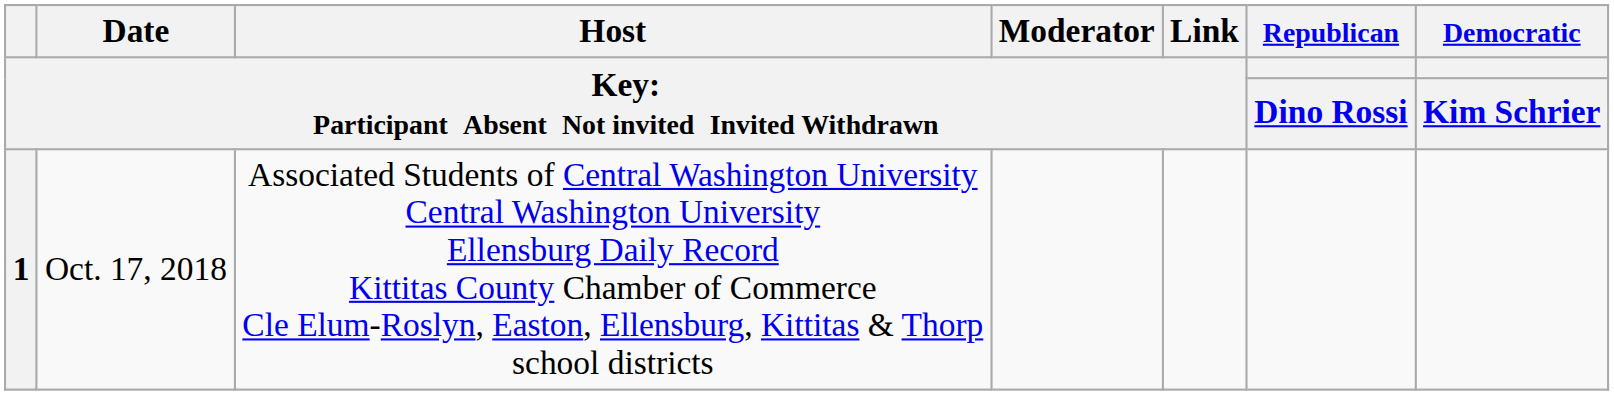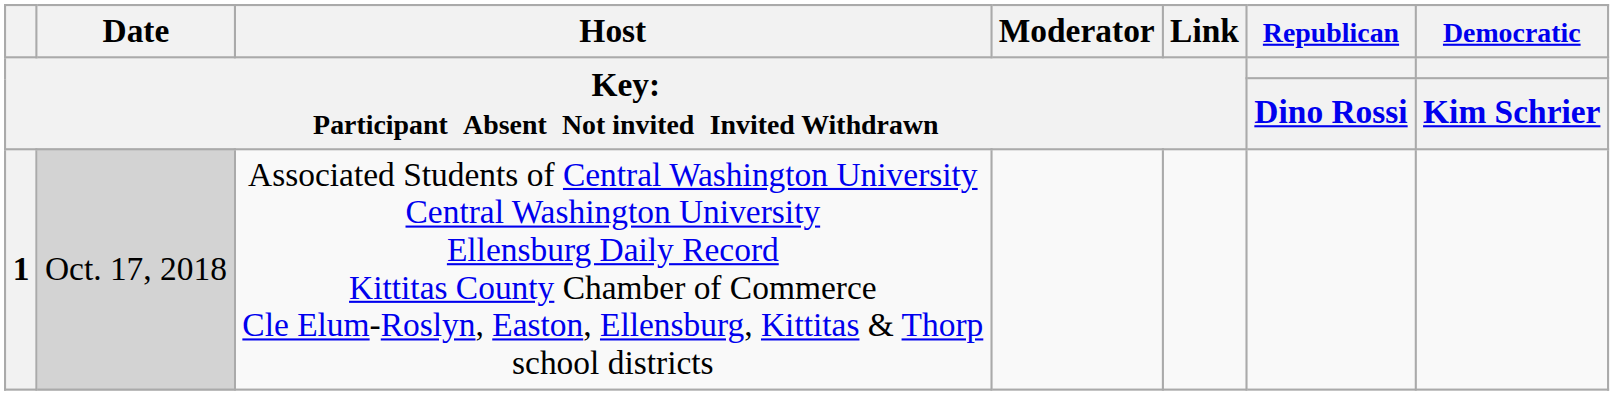 <table class="wikitable" style="text-align:center;">
 <tr>
 <th scope="col"></th>
 <th scope="col">Date</th>
 <th scope="col">Host</th>
 <th scope="col">Moderator</th>
 <th scope="col">Link</th>
 <th scope="col"><small><a href='#'>Republican</a></small></th>
 <th scope="col"><small><a href='#'>Democratic</a></small></th>
 </tr>
 <tr>
 <th colspan="5" rowspan="2">Key:<br> <small>Participant </small>  <small>Absent </small>  <small>Not invited </small>  <small>Invited  Withdrawn</small></th>
 <th scope="col" style="background:"></th>
 <th scope="col" style="background:"></th>
 </tr>
 <tr>
 <th scope="col"><a href='#'>Dino Rossi</a></th>
 <th scope="col"><a href='#'>Kim Schrier</a></th>
 </tr>
 <tr>
 <th>1</th>
-<td style="white-space:nowrap;">Oct. 17, 2018</td>
+<td style="background: lightgrey; white-space:nowrap;">Oct. 17, 2018</td>
 <td style="white-space:nowrap;">Associated Students of <a href='#'>Central Washington University</a><br><a href='#'>Central Washington University</a><br><a href='#'>Ellensburg Daily Record</a><br><a href='#'>Kittitas County</a> Chamber of Commerce<br><a href='#'>Cle Elum</a>-<a href='#'>Roslyn</a>, <a href='#'>Easton</a>, <a href='#'>Ellensburg</a>, <a href='#'>Kittitas</a> & <a href='#'>Thorp</a><br>school districts</td>
 <td style="white-space:nowrap;"></td>
 <td style="white-space:nowrap;"></td>
 <td></td>
 <td></td>
 </tr>
 </table>
